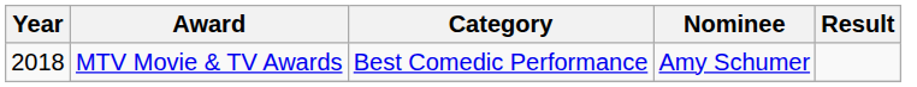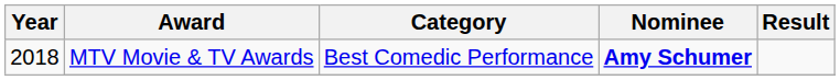 <table class="wikitable sortable">
 <tr>
 <th scope="col">Year</th>
 <th scope="col">Award</th>
 <th scope="col">Category</th>
 <th scope="col">Nominee</th>
 <th scope="col">Result</th>
 </tr>
 <tr>
 <td rowspan="3">2018</td>
 <td scope="row"><a href='#'>MTV Movie & TV Awards</a></td>
 <td><a href='#'>Best Comedic Performance</a></td>
-<td><a href='#'>Amy Schumer</a></td>
+<td><strong><a href='#'>Amy Schumer</a></strong></td>
 <td></td>
 </tr>
 <tr>
 </tr>
 </table>
